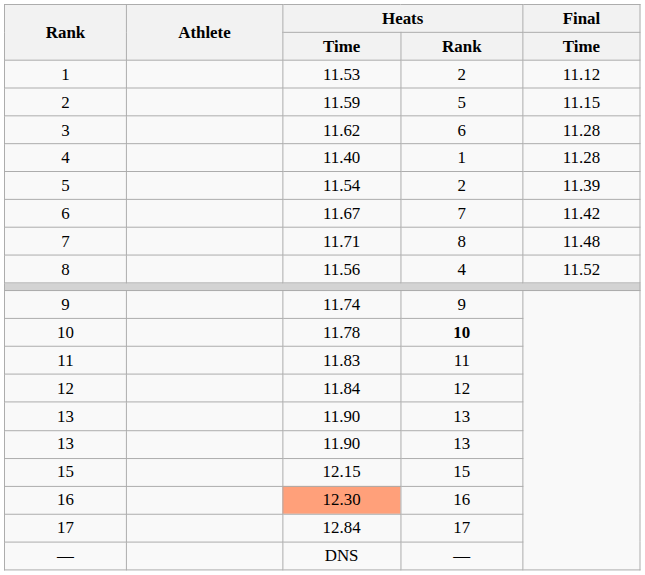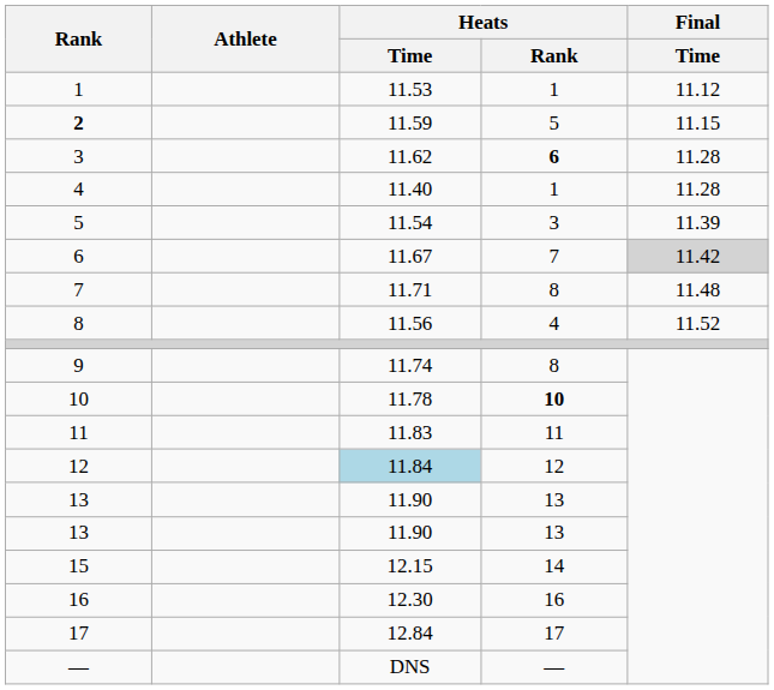 <table class="wikitable" style=" text-align:center; font-size:110%;" width="75%">
 <tr>
 <th rowspan="2">Rank</th>
 <th rowspan="2">Athlete</th>
 <th colspan="2">Heats</th>
 <th>Final</th>
 </tr>
 <tr>
 <th>Time</th>
 <th>Rank</th>
 <th>Time</th>
 </tr>
 <tr>
 <td>1</td>
 <td align=left></td>
 <td>11.53</td>
-<td>2</td>
+<td>1</td>
 <td>11.12</td>
 </tr>
 <tr>
-<td>2</td>
+<td><strong>2</strong></td>
 <td align=left></td>
 <td>11.59</td>
 <td>5</td>
 <td>11.15</td>
 </tr>
 <tr>
 <td>3</td>
 <td align=left></td>
 <td>11.62</td>
-<td>6</td>
+<td><strong>6</strong></td>
 <td>11.28</td>
 </tr>
 <tr>
 <td>4</td>
 <td align=left></td>
 <td>11.40</td>
 <td>1</td>
 <td>11.28</td>
 </tr>
 <tr>
 <td>5</td>
 <td align=left></td>
 <td>11.54</td>
-<td>2</td>
+<td>3</td>
 <td>11.39</td>
 </tr>
 <tr>
 <td>6</td>
 <td align=left></td>
 <td>11.67</td>
 <td>7</td>
-<td>11.42</td>
+<td style="background: lightgrey;">11.42</td>
 </tr>
 <tr>
 <td>7</td>
 <td align=left></td>
 <td>11.71</td>
 <td>8</td>
 <td>11.48</td>
 </tr>
 <tr>
 <td>8</td>
 <td align=left></td>
 <td>11.56</td>
 <td>4</td>
 <td>11.52</td>
 </tr>
 <tr>
 <td colspan=5 bgcolor=lightgray></td>
 </tr>
 <tr>
 <td>9</td>
 <td align=left></td>
 <td>11.74</td>
-<td>9</td>
+<td>8</td>
 </tr>
 <tr>
 <td>10</td>
 <td align=left></td>
 <td>11.78</td>
 <td><strong>10</strong></td>
 </tr>
 <tr>
 <td>11</td>
 <td align=left></td>
 <td>11.83</td>
 <td>11</td>
 </tr>
 <tr>
 <td>12</td>
 <td align=left></td>
-<td>11.84</td>
+<td style="background: lightblue;">11.84</td>
 <td>12</td>
 </tr>
 <tr>
 <td>13</td>
 <td align=left></td>
 <td>11.90</td>
 <td>13</td>
 </tr>
 <tr>
 <td>13</td>
 <td align=left></td>
 <td>11.90</td>
 <td>13</td>
 </tr>
 <tr>
 <td>15</td>
 <td align=left></td>
 <td>12.15</td>
-<td>15</td>
+<td>14</td>
 </tr>
 <tr>
 <td>16</td>
 <td align=left></td>
-<td style="background: lightsalmon;">12.30</td>
+<td>12.30</td>
 <td>16</td>
 </tr>
 <tr>
 <td>17</td>
 <td align=left></td>
 <td>12.84</td>
 <td>17</td>
 </tr>
 <tr>
 <td>—</td>
 <td align=left></td>
 <td>DNS</td>
 <td>—</td>
 </tr>
 </table>
